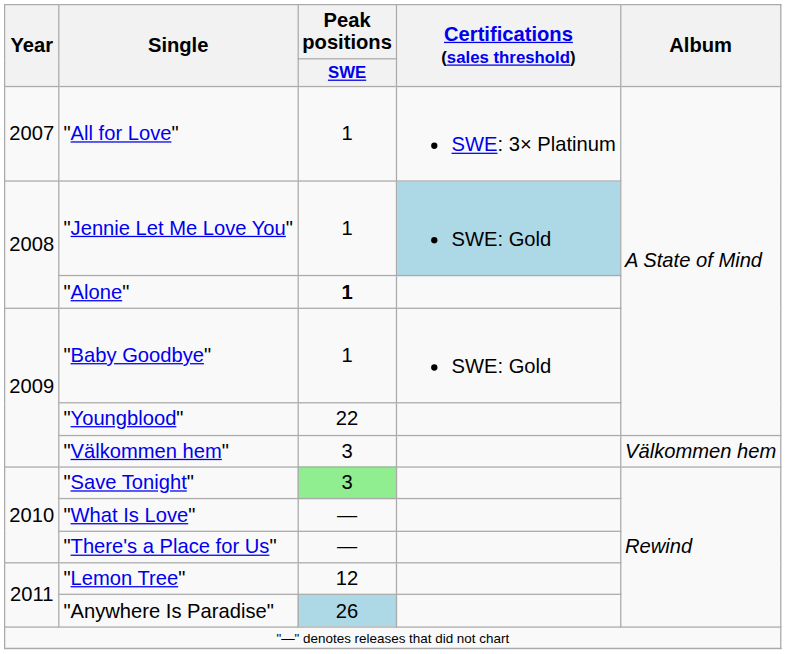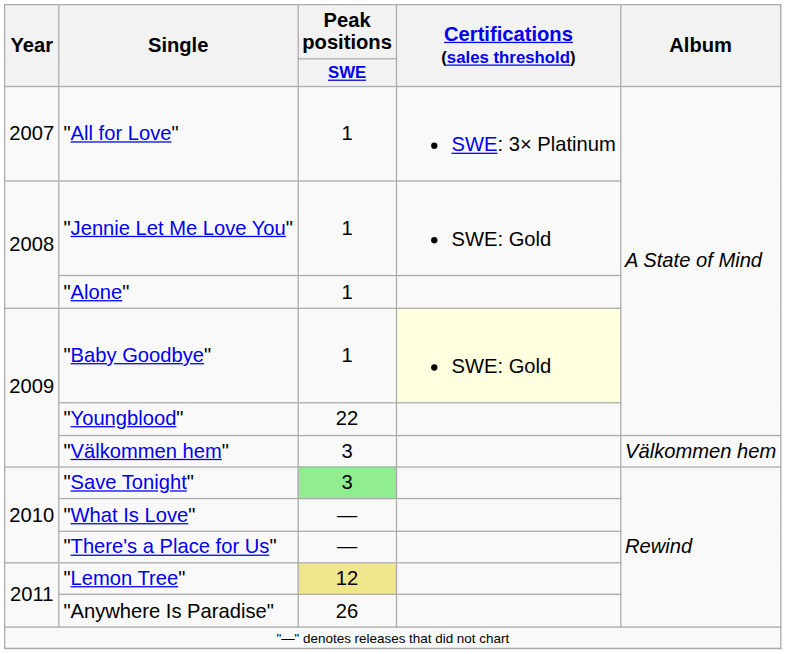 <table class="wikitable" style="text-align:center;">
 <tr>
 <th rowspan="2">Year</th>
 <th rowspan="2">Single</th>
 <th colspan="1">Peak positions</th>
 <th rowspan="2"><a href='#'>Certifications</a><br><small>(<a href='#'>sales threshold</a>)</small></th>
 <th rowspan="2">Album</th>
 </tr>
 <tr style="font-size:smaller;">
 <th width="45"><a href='#'>SWE</a><br></th>
 </tr>
 <tr>
 <td>2007</td>
 <td align="left">"<a href='#'>All for Love</a>"</td>
 <td>1</td>
 <td align="left"><br><ul><li><a href='#'>SWE</a>: 3× Platinum</li></ul></td>
 <td align="left" rowspan="5"><em>A State of Mind</em></td>
 </tr>
 <tr>
 <td rowspan="2">2008</td>
 <td align="left">"<a href='#'>Jennie Let Me Love You</a>"</td>
 <td>1</td>
-<td align="left" style="background: lightblue;"><br><ul><li>SWE: Gold</li></ul></td>
+<td align="left"><br><ul><li>SWE: Gold</li></ul></td>
 </tr>
 <tr>
 <td align="left">"<a href='#'>Alone</a>"</td>
-<td><strong>1</strong></td>
+<td>1</td>
 <td></td>
 </tr>
 <tr>
 <td rowspan="3">2009</td>
 <td align="left">"<a href='#'>Baby Goodbye</a>"</td>
 <td>1</td>
-<td align="left"><br><ul><li>SWE: Gold</li></ul></td>
+<td align="left" style="background: lightyellow;"><br><ul><li>SWE: Gold</li></ul></td>
 </tr>
 <tr>
 <td align="left">"<a href='#'>Youngblood</a>"</td>
 <td>22</td>
 <td></td>
 </tr>
 <tr>
 <td align="left">"<a href='#'>Välkommen hem</a>"</td>
 <td>3</td>
 <td></td>
 <td align="left"><em>Välkommen hem</em></td>
 </tr>
 <tr>
 <td rowspan="3">2010</td>
 <td align="left">"<a href='#'>Save Tonight</a>"</td>
 <td style="background: lightgreen;">3</td>
 <td></td>
 <td align="left" rowspan="5"><em>Rewind</em></td>
 </tr>
 <tr>
 <td align="left">"<a href='#'>What Is Love</a>"</td>
 <td>—</td>
 <td></td>
 </tr>
 <tr>
 <td align="left">"<a href='#'>There's a Place for Us</a>"</td>
 <td>—</td>
 <td></td>
 </tr>
 <tr>
 <td rowspan="2">2011</td>
 <td align="left">"<a href='#'>Lemon Tree</a>"</td>
-<td>12</td>
+<td style="background: khaki;">12</td>
 <td></td>
 </tr>
 <tr>
 <td align="left">"Anywhere Is Paradise"</td>
-<td style="background: lightblue;">26</td>
+<td>26</td>
 <td></td>
 </tr>
 <tr>
 <td colspan="10" style="font-size:8pt">"—" denotes releases that did not chart</td>
 </tr>
 <tr>
 </tr>
 </table>
